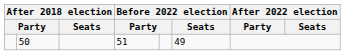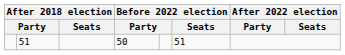 <table class="wikitable">
 <tr>
 <th colspan="3">After 2018 election</th>
 <th colspan="3">Before 2022 election</th>
 <th colspan="3">After 2022 election</th>
 </tr>
 <tr>
 <th colspan="2">Party</th>
 <th>Seats</th>
 <th colspan="2">Party</th>
 <th>Seats</th>
 <th colspan="2">Party</th>
 <th>Seats</th>
 </tr>
 <tr>
 <td></td>
+<td>51</td>
+<td></td>
 <td>50</td>
 <td></td>
 <td>51</td>
-<td></td>
-<td>49</td>
 </tr>
 </table>
